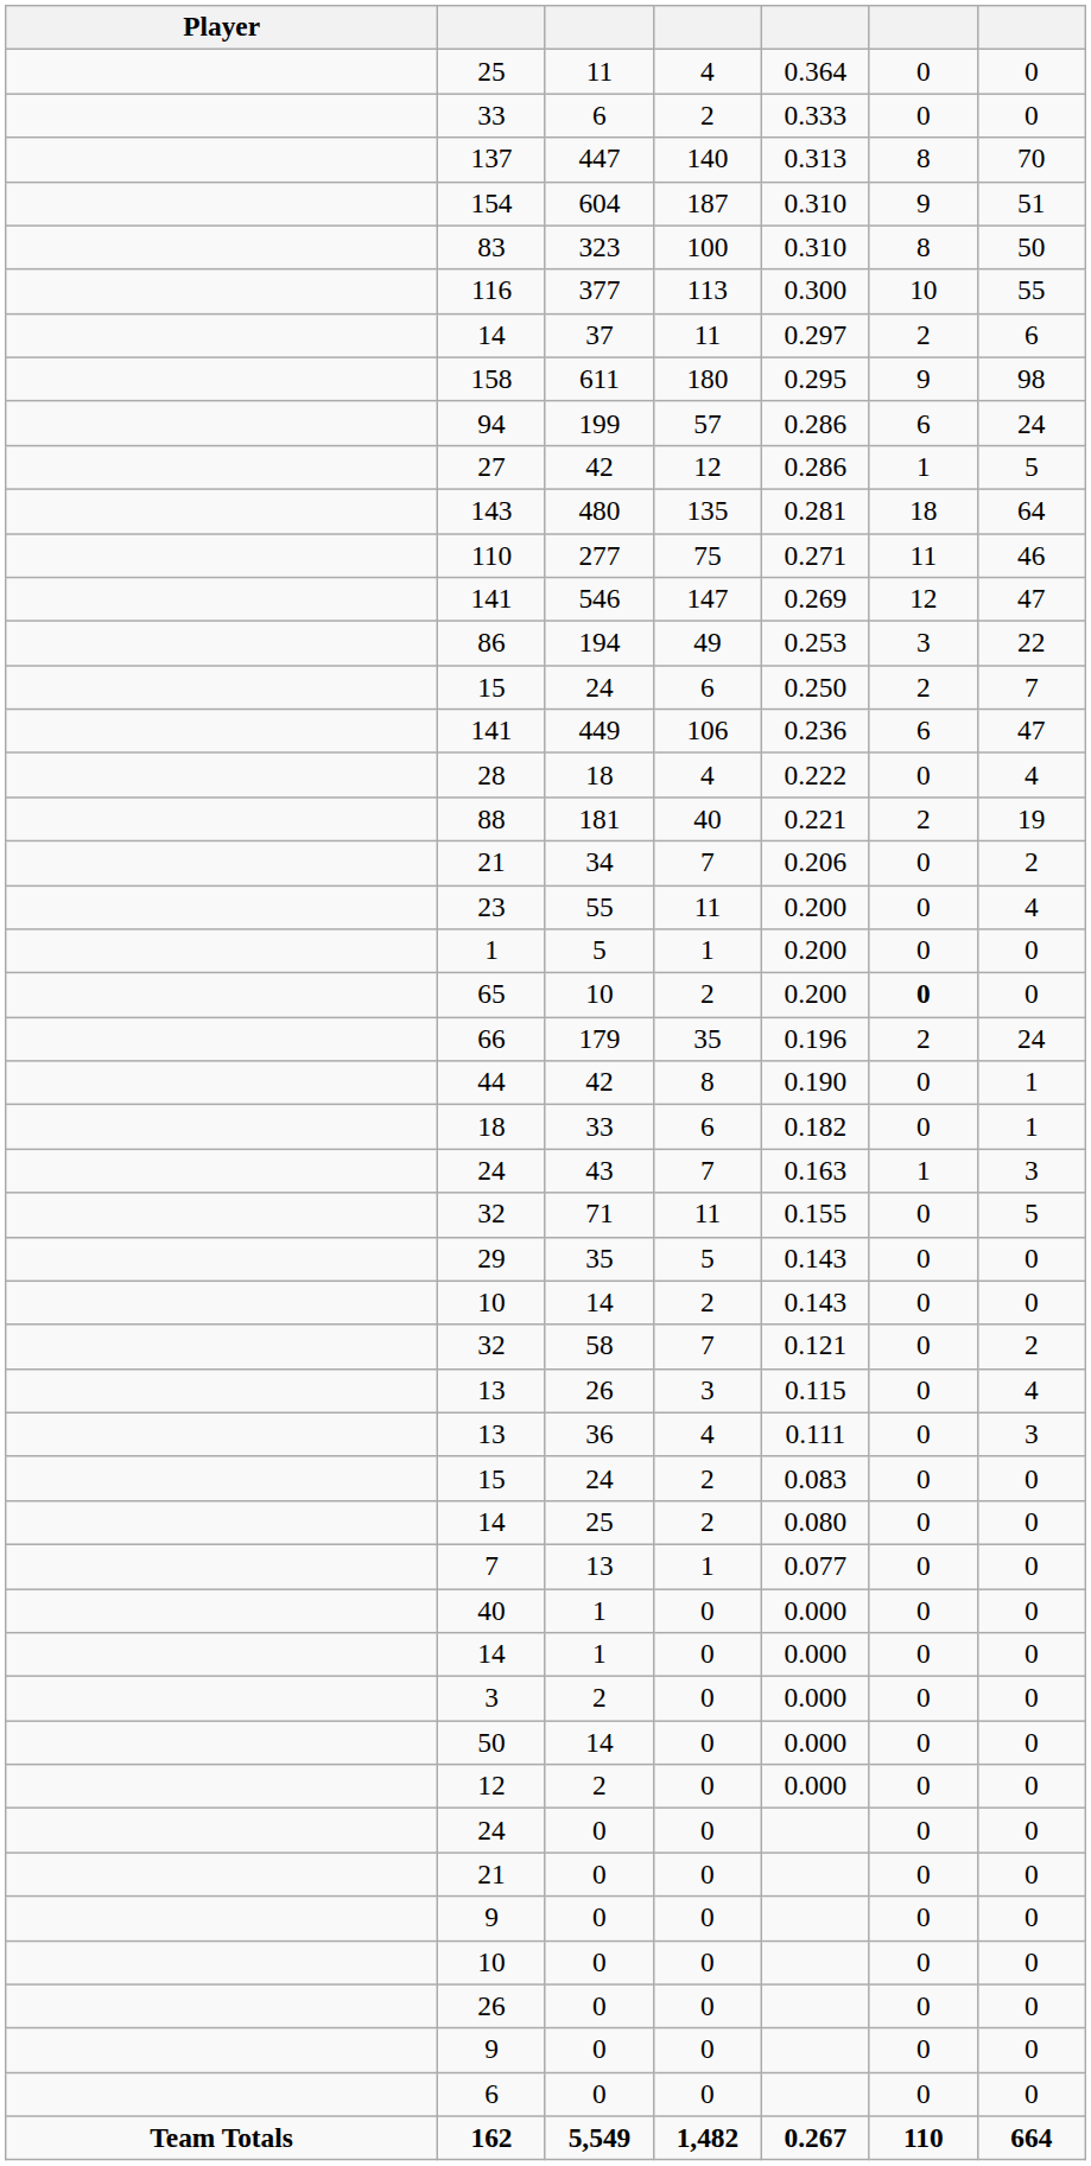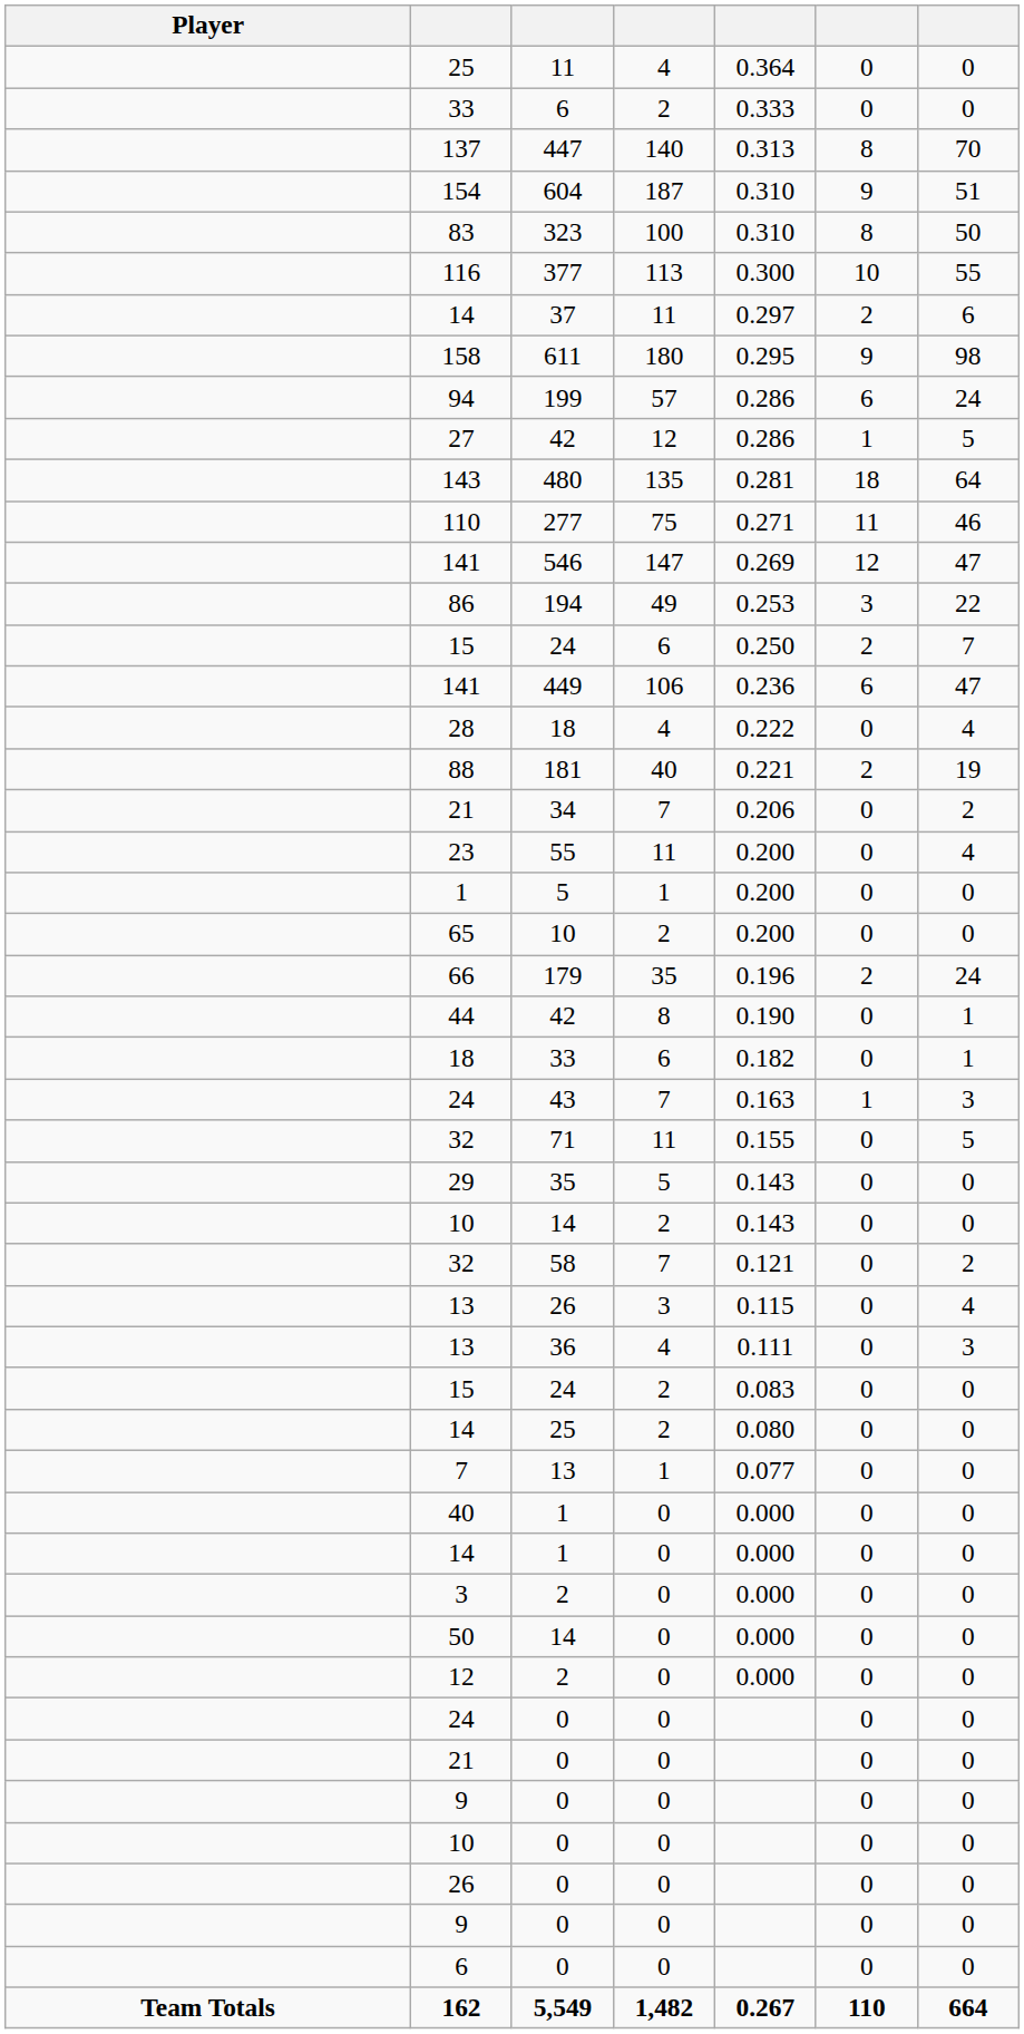 <table class="wikitable sortable" style="text-align:center;" width="100%">
 <tr>
 <th width="40%">Player</th>
 <th width="10%"></th>
 <th width="10%"></th>
 <th width="10%"></th>
 <th width="10%"></th>
 <th width="10%"></th>
 <th width="10%"></th>
 </tr>
 <tr>
 <td></td>
 <td>25</td>
 <td>11</td>
 <td>4</td>
 <td>0.364</td>
 <td>0</td>
 <td>0</td>
 </tr>
 <tr>
 <td></td>
 <td>33</td>
 <td>6</td>
 <td>2</td>
 <td>0.333</td>
 <td>0</td>
 <td>0</td>
 </tr>
 <tr>
 <td></td>
 <td>137</td>
 <td>447</td>
 <td>140</td>
 <td>0.313</td>
 <td>8</td>
 <td>70</td>
 </tr>
 <tr>
 <td></td>
 <td>154</td>
 <td>604</td>
 <td>187</td>
 <td>0.310</td>
 <td>9</td>
 <td>51</td>
 </tr>
 <tr>
 <td></td>
 <td>83</td>
 <td>323</td>
 <td>100</td>
 <td>0.310</td>
 <td>8</td>
 <td>50</td>
 </tr>
 <tr>
 <td></td>
 <td>116</td>
 <td>377</td>
 <td>113</td>
 <td>0.300</td>
 <td>10</td>
 <td>55</td>
 </tr>
 <tr>
 <td></td>
 <td>14</td>
 <td>37</td>
 <td>11</td>
 <td>0.297</td>
 <td>2</td>
 <td>6</td>
 </tr>
 <tr>
 <td></td>
 <td>158</td>
 <td>611</td>
 <td>180</td>
 <td>0.295</td>
 <td>9</td>
 <td>98</td>
 </tr>
 <tr>
 <td></td>
 <td>94</td>
 <td>199</td>
 <td>57</td>
 <td>0.286</td>
 <td>6</td>
 <td>24</td>
 </tr>
 <tr>
 <td></td>
 <td>27</td>
 <td>42</td>
 <td>12</td>
 <td>0.286</td>
 <td>1</td>
 <td>5</td>
 </tr>
 <tr>
 <td></td>
 <td>143</td>
 <td>480</td>
 <td>135</td>
 <td>0.281</td>
 <td>18</td>
 <td>64</td>
 </tr>
 <tr>
 <td></td>
 <td>110</td>
 <td>277</td>
 <td>75</td>
 <td>0.271</td>
 <td>11</td>
 <td>46</td>
 </tr>
 <tr>
 <td></td>
 <td>141</td>
 <td>546</td>
 <td>147</td>
 <td>0.269</td>
 <td>12</td>
 <td>47</td>
 </tr>
 <tr>
 <td></td>
 <td>86</td>
 <td>194</td>
 <td>49</td>
 <td>0.253</td>
 <td>3</td>
 <td>22</td>
 </tr>
 <tr>
 <td></td>
 <td>15</td>
 <td>24</td>
 <td>6</td>
 <td>0.250</td>
 <td>2</td>
 <td>7</td>
 </tr>
 <tr>
 <td></td>
 <td>141</td>
 <td>449</td>
 <td>106</td>
 <td>0.236</td>
 <td>6</td>
 <td>47</td>
 </tr>
 <tr>
 <td></td>
 <td>28</td>
 <td>18</td>
 <td>4</td>
 <td>0.222</td>
 <td>0</td>
 <td>4</td>
 </tr>
 <tr>
 <td></td>
 <td>88</td>
 <td>181</td>
 <td>40</td>
 <td>0.221</td>
 <td>2</td>
 <td>19</td>
 </tr>
 <tr>
 <td></td>
 <td>21</td>
 <td>34</td>
 <td>7</td>
 <td>0.206</td>
 <td>0</td>
 <td>2</td>
 </tr>
 <tr>
 <td></td>
 <td>23</td>
 <td>55</td>
 <td>11</td>
 <td>0.200</td>
 <td>0</td>
 <td>4</td>
 </tr>
 <tr>
 <td></td>
 <td>1</td>
 <td>5</td>
 <td>1</td>
 <td>0.200</td>
 <td>0</td>
 <td>0</td>
 </tr>
 <tr>
 <td></td>
 <td>65</td>
 <td>10</td>
 <td>2</td>
 <td>0.200</td>
-<td><strong>0</strong></td>
+<td>0</td>
 <td>0</td>
 </tr>
 <tr>
 <td></td>
 <td>66</td>
 <td>179</td>
 <td>35</td>
 <td>0.196</td>
 <td>2</td>
 <td>24</td>
 </tr>
 <tr>
 <td></td>
 <td>44</td>
 <td>42</td>
 <td>8</td>
 <td>0.190</td>
 <td>0</td>
 <td>1</td>
 </tr>
 <tr>
 <td></td>
 <td>18</td>
 <td>33</td>
 <td>6</td>
 <td>0.182</td>
 <td>0</td>
 <td>1</td>
 </tr>
 <tr>
 <td></td>
 <td>24</td>
 <td>43</td>
 <td>7</td>
 <td>0.163</td>
 <td>1</td>
 <td>3</td>
 </tr>
 <tr>
 <td></td>
 <td>32</td>
 <td>71</td>
 <td>11</td>
 <td>0.155</td>
 <td>0</td>
 <td>5</td>
 </tr>
 <tr>
 <td></td>
 <td>29</td>
 <td>35</td>
 <td>5</td>
 <td>0.143</td>
 <td>0</td>
 <td>0</td>
 </tr>
 <tr>
 <td></td>
 <td>10</td>
 <td>14</td>
 <td>2</td>
 <td>0.143</td>
 <td>0</td>
 <td>0</td>
 </tr>
 <tr>
 <td></td>
 <td>32</td>
 <td>58</td>
 <td>7</td>
 <td>0.121</td>
 <td>0</td>
 <td>2</td>
 </tr>
 <tr>
 <td></td>
 <td>13</td>
 <td>26</td>
 <td>3</td>
 <td>0.115</td>
 <td>0</td>
 <td>4</td>
 </tr>
 <tr>
 <td></td>
 <td>13</td>
 <td>36</td>
 <td>4</td>
 <td>0.111</td>
 <td>0</td>
 <td>3</td>
 </tr>
 <tr>
 <td></td>
 <td>15</td>
 <td>24</td>
 <td>2</td>
 <td>0.083</td>
 <td>0</td>
 <td>0</td>
 </tr>
 <tr>
 <td></td>
 <td>14</td>
 <td>25</td>
 <td>2</td>
 <td>0.080</td>
 <td>0</td>
 <td>0</td>
 </tr>
 <tr>
 <td></td>
 <td>7</td>
 <td>13</td>
 <td>1</td>
 <td>0.077</td>
 <td>0</td>
 <td>0</td>
 </tr>
 <tr>
 <td></td>
 <td>40</td>
 <td>1</td>
 <td>0</td>
 <td>0.000</td>
 <td>0</td>
 <td>0</td>
 </tr>
 <tr>
 <td></td>
 <td>14</td>
 <td>1</td>
 <td>0</td>
 <td>0.000</td>
 <td>0</td>
 <td>0</td>
 </tr>
 <tr>
 <td></td>
 <td>3</td>
 <td>2</td>
 <td>0</td>
 <td>0.000</td>
 <td>0</td>
 <td>0</td>
 </tr>
 <tr>
 <td></td>
 <td>50</td>
 <td>14</td>
 <td>0</td>
 <td>0.000</td>
 <td>0</td>
 <td>0</td>
 </tr>
 <tr>
 <td></td>
 <td>12</td>
 <td>2</td>
 <td>0</td>
 <td>0.000</td>
 <td>0</td>
 <td>0</td>
 </tr>
 <tr>
 <td></td>
 <td>24</td>
 <td>0</td>
 <td>0</td>
 <td></td>
 <td>0</td>
 <td>0</td>
 </tr>
 <tr>
 <td></td>
 <td>21</td>
 <td>0</td>
 <td>0</td>
 <td></td>
 <td>0</td>
 <td>0</td>
 </tr>
 <tr>
 <td></td>
 <td>9</td>
 <td>0</td>
 <td>0</td>
 <td></td>
 <td>0</td>
 <td>0</td>
 </tr>
 <tr>
 <td></td>
 <td>10</td>
 <td>0</td>
 <td>0</td>
 <td></td>
 <td>0</td>
 <td>0</td>
 </tr>
 <tr>
 <td></td>
 <td>26</td>
 <td>0</td>
 <td>0</td>
 <td></td>
 <td>0</td>
 <td>0</td>
 </tr>
 <tr>
 <td></td>
 <td>9</td>
 <td>0</td>
 <td>0</td>
 <td></td>
 <td>0</td>
 <td>0</td>
 </tr>
 <tr>
 <td></td>
 <td>6</td>
 <td>0</td>
 <td>0</td>
 <td></td>
 <td>0</td>
 <td>0</td>
 </tr>
 <tr>
 <td><strong>Team Totals</strong></td>
 <td><strong>162</strong></td>
 <td><strong>5,549</strong></td>
 <td><strong>1,482</strong></td>
 <td><strong>0.267</strong></td>
 <td><strong>110</strong></td>
 <td><strong>664</strong></td>
 </tr>
 </table>
